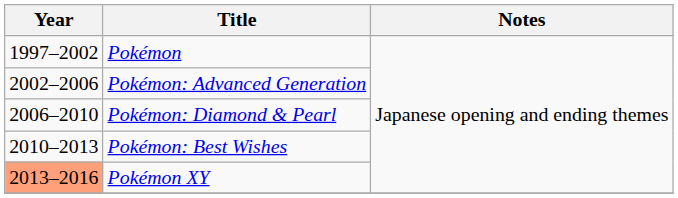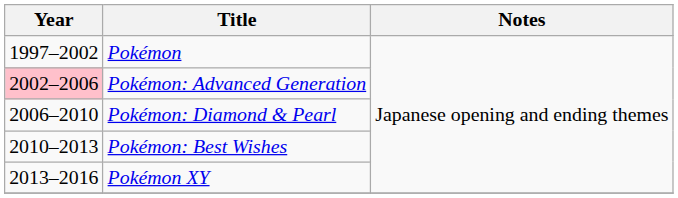 <table class="wikitable sortable">
 <tr>
 <th>Year</th>
 <th>Title</th>
 <th>Notes</th>
 </tr>
 <tr>
 <td>1997–2002</td>
 <td><em><a href='#'>Pokémon</a></em></td>
 <td rowspan="5">Japanese opening and ending themes</td>
 </tr>
 <tr>
-<td>2002–2006</td>
+<td style="background: pink;">2002–2006</td>
 <td><em><a href='#'>Pokémon: Advanced Generation</a></em></td>
 </tr>
 <tr>
 <td>2006–2010</td>
 <td><em><a href='#'>Pokémon: Diamond & Pearl</a></em></td>
 </tr>
 <tr>
 <td>2010–2013</td>
 <td><em><a href='#'>Pokémon: Best Wishes</a></em></td>
 </tr>
 <tr>
-<td style="background: lightsalmon;">2013–2016</td>
+<td>2013–2016</td>
 <td><em><a href='#'>Pokémon XY</a></em></td>
 </tr>
 <tr>
 </tr>
 </table>
